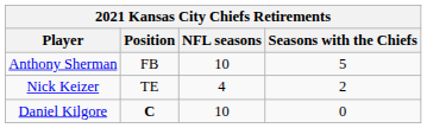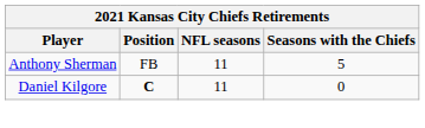 <table class="wikitable" style="text-align:center">
 <tr>
 <th colspan=4>2021 Kansas City Chiefs Retirements</th>
 </tr>
 <tr>
 <th>Player</th>
 <th>Position</th>
 <th>NFL seasons</th>
 <th>Seasons with the Chiefs</th>
 </tr>
 <tr>
 <td><a href='#'>Anthony Sherman</a></td>
 <td>FB</td>
-<td>10</td>
+<td>11</td>
 <td>5</td>
-</tr>
-<tr>
-<td><a href='#'>Nick Keizer</a></td>
-<td>TE</td>
-<td>4</td>
-<td>2</td>
 </tr>
 <tr>
 <td><a href='#'>Daniel Kilgore</a></td>
 <td><strong>C</strong></td>
-<td>10</td>
+<td>11</td>
 <td>0</td>
 </tr>
 </table>
